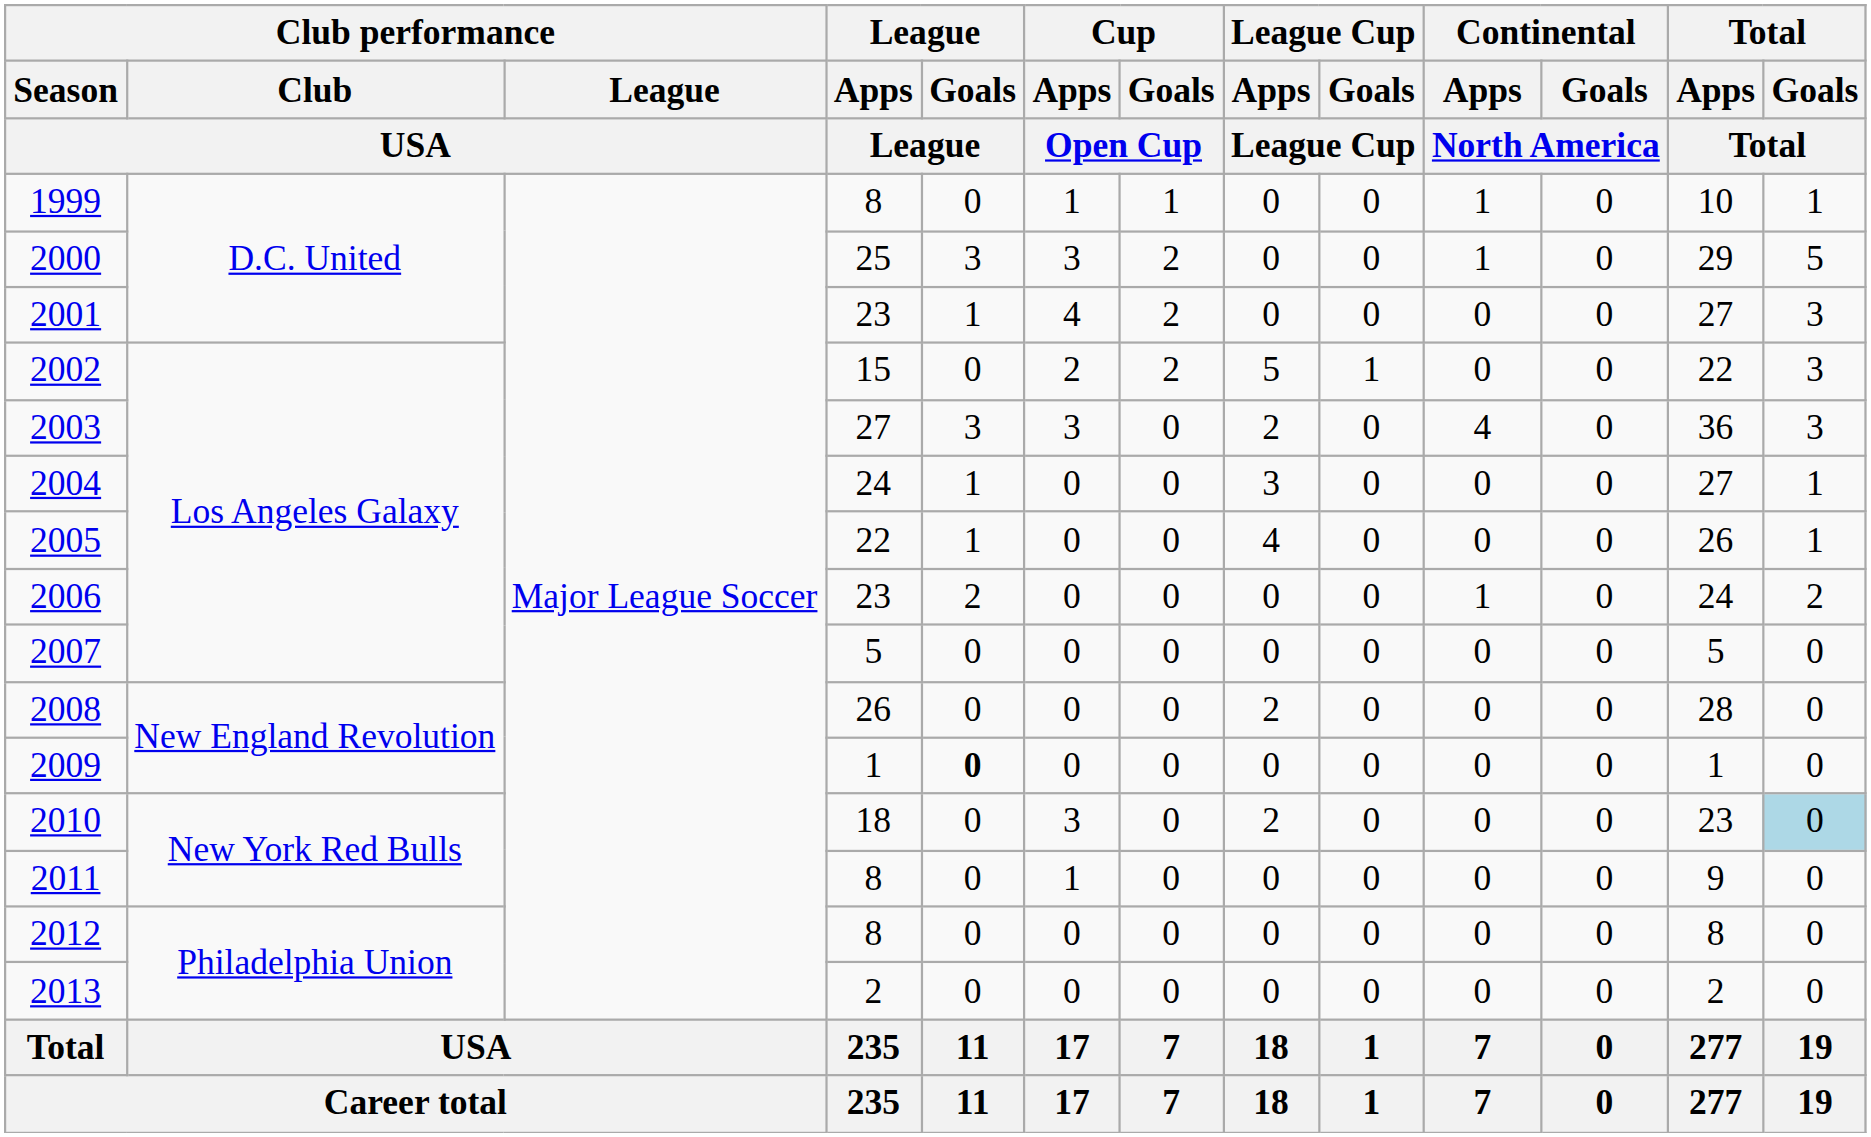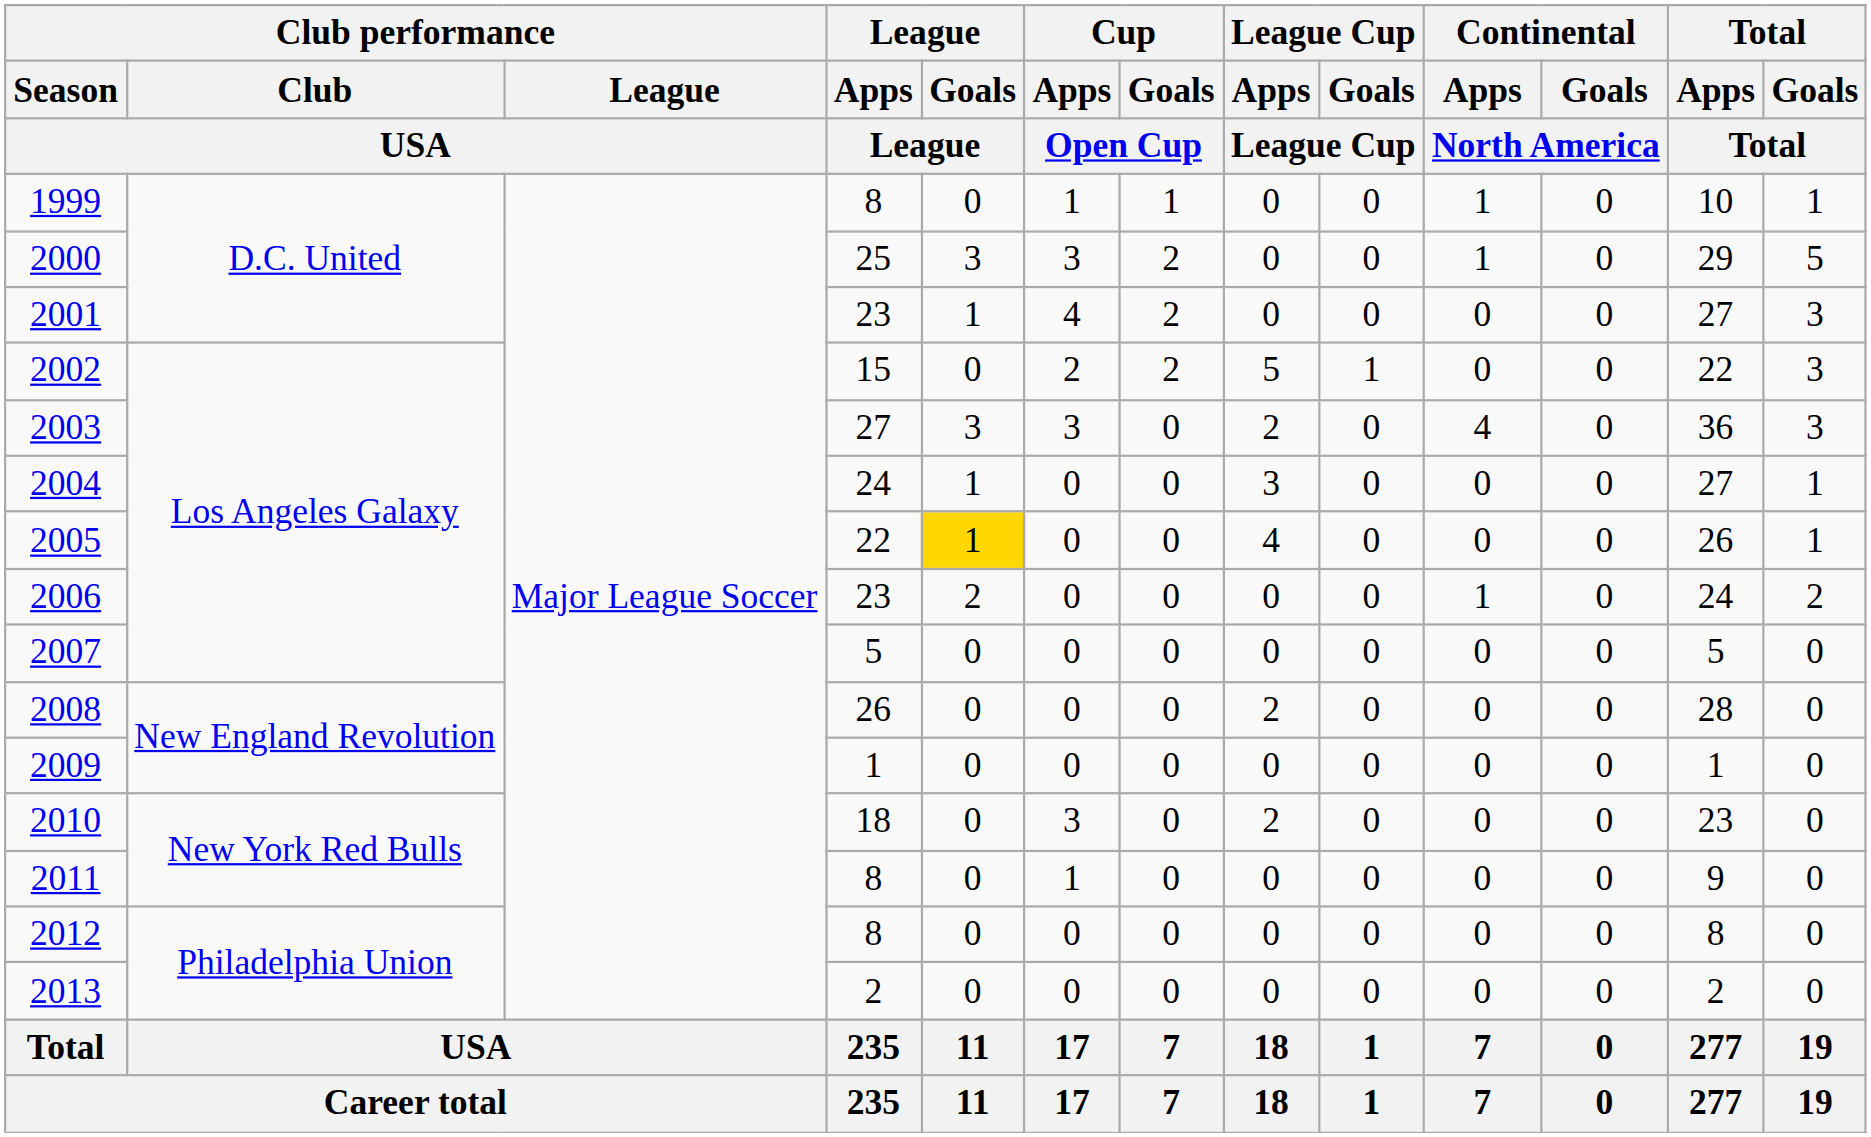 <table class="wikitable" style="text-align:center">
 <tr>
 <th colspan=3>Club performance</th>
 <th colspan=2>League</th>
 <th colspan=2>Cup</th>
 <th colspan=2>League Cup</th>
 <th colspan=2>Continental</th>
 <th colspan=2>Total</th>
 </tr>
 <tr>
 <th>Season</th>
 <th>Club</th>
 <th>League</th>
 <th>Apps</th>
 <th>Goals</th>
 <th>Apps</th>
 <th>Goals</th>
 <th>Apps</th>
 <th>Goals</th>
 <th>Apps</th>
 <th>Goals</th>
 <th>Apps</th>
 <th>Goals</th>
 </tr>
 <tr>
 <th colspan=3>USA</th>
 <th colspan=2>League</th>
 <th colspan=2><a href='#'>Open Cup</a></th>
 <th colspan=2>League Cup</th>
 <th colspan=2><a href='#'>North America</a></th>
 <th colspan=2>Total</th>
 </tr>
 <tr>
 <td><a href='#'>1999</a></td>
 <td rowspan="3"><a href='#'>D.C. United</a></td>
 <td rowspan="15"><a href='#'>Major League Soccer</a></td>
 <td>8</td>
 <td>0</td>
 <td>1</td>
 <td>1</td>
 <td>0</td>
 <td>0</td>
 <td>1</td>
 <td>0</td>
 <td>10</td>
 <td>1</td>
 </tr>
 <tr>
 <td><a href='#'>2000</a></td>
 <td>25</td>
 <td>3</td>
 <td>3</td>
 <td>2</td>
 <td>0</td>
 <td>0</td>
 <td>1</td>
 <td>0</td>
 <td>29</td>
 <td>5</td>
 </tr>
 <tr>
 <td><a href='#'>2001</a></td>
 <td>23</td>
 <td>1</td>
 <td>4</td>
 <td>2</td>
 <td>0</td>
 <td>0</td>
 <td>0</td>
 <td>0</td>
 <td>27</td>
 <td>3</td>
 </tr>
 <tr>
 <td><a href='#'>2002</a></td>
 <td rowspan="6"><a href='#'>Los Angeles Galaxy</a></td>
 <td>15</td>
 <td>0</td>
 <td>2</td>
 <td>2</td>
 <td>5</td>
 <td>1</td>
 <td>0</td>
 <td>0</td>
 <td>22</td>
 <td>3</td>
 </tr>
 <tr>
 <td><a href='#'>2003</a></td>
 <td>27</td>
 <td>3</td>
 <td>3</td>
 <td>0</td>
 <td>2</td>
 <td>0</td>
 <td>4</td>
 <td>0</td>
 <td>36</td>
 <td>3</td>
 </tr>
 <tr>
 <td><a href='#'>2004</a></td>
 <td>24</td>
 <td>1</td>
 <td>0</td>
 <td>0</td>
 <td>3</td>
 <td>0</td>
 <td>0</td>
 <td>0</td>
 <td>27</td>
 <td>1</td>
 </tr>
 <tr>
 <td><a href='#'>2005</a></td>
 <td>22</td>
-<td>1</td>
+<td style="background: gold;">1</td>
 <td>0</td>
 <td>0</td>
 <td>4</td>
 <td>0</td>
 <td>0</td>
 <td>0</td>
 <td>26</td>
 <td>1</td>
 </tr>
 <tr>
 <td><a href='#'>2006</a></td>
 <td>23</td>
 <td>2</td>
 <td>0</td>
 <td>0</td>
 <td>0</td>
 <td>0</td>
 <td>1</td>
 <td>0</td>
 <td>24</td>
 <td>2</td>
 </tr>
 <tr>
 <td><a href='#'>2007</a></td>
 <td>5</td>
 <td>0</td>
 <td>0</td>
 <td>0</td>
 <td>0</td>
 <td>0</td>
 <td>0</td>
 <td>0</td>
 <td>5</td>
 <td>0</td>
 </tr>
 <tr>
 <td><a href='#'>2008</a></td>
 <td rowspan="2"><a href='#'>New England Revolution</a></td>
 <td>26</td>
 <td>0</td>
 <td>0</td>
 <td>0</td>
 <td>2</td>
 <td>0</td>
 <td>0</td>
 <td>0</td>
 <td>28</td>
 <td>0</td>
 </tr>
 <tr>
 <td><a href='#'>2009</a></td>
 <td>1</td>
-<td><strong>0</strong></td>
+<td>0</td>
 <td>0</td>
 <td>0</td>
 <td>0</td>
 <td>0</td>
 <td>0</td>
 <td>0</td>
 <td>1</td>
 <td>0</td>
 </tr>
 <tr>
 <td><a href='#'>2010</a></td>
 <td rowspan="2"><a href='#'>New York Red Bulls</a></td>
 <td>18</td>
 <td>0</td>
 <td>3</td>
 <td>0</td>
 <td>2</td>
 <td>0</td>
 <td>0</td>
 <td>0</td>
 <td>23</td>
-<td style="background: lightblue;">0</td>
+<td>0</td>
 </tr>
 <tr>
 <td><a href='#'>2011</a></td>
 <td>8</td>
 <td>0</td>
 <td>1</td>
 <td>0</td>
 <td>0</td>
 <td>0</td>
 <td>0</td>
 <td>0</td>
 <td>9</td>
 <td>0</td>
 </tr>
 <tr>
 <td><a href='#'>2012</a></td>
 <td rowspan="2"><a href='#'>Philadelphia Union</a></td>
 <td>8</td>
 <td>0</td>
 <td>0</td>
 <td>0</td>
 <td>0</td>
 <td>0</td>
 <td>0</td>
 <td>0</td>
 <td>8</td>
 <td>0</td>
 </tr>
 <tr>
 <td><a href='#'>2013</a></td>
 <td>2</td>
 <td>0</td>
 <td>0</td>
 <td>0</td>
 <td>0</td>
 <td>0</td>
 <td>0</td>
 <td>0</td>
 <td>2</td>
 <td>0</td>
 </tr>
 <tr>
 <th rowspan=1>Total</th>
 <th colspan=2>USA</th>
 <th>235</th>
 <th>11</th>
 <th>17</th>
 <th>7</th>
 <th>18</th>
 <th>1</th>
 <th>7</th>
 <th>0</th>
 <th>277</th>
 <th>19</th>
 </tr>
 <tr>
 <th colspan=3>Career total</th>
 <th>235</th>
 <th>11</th>
 <th>17</th>
 <th>7</th>
 <th>18</th>
 <th>1</th>
 <th>7</th>
 <th>0</th>
 <th>277</th>
 <th>19</th>
 </tr>
 </table>
